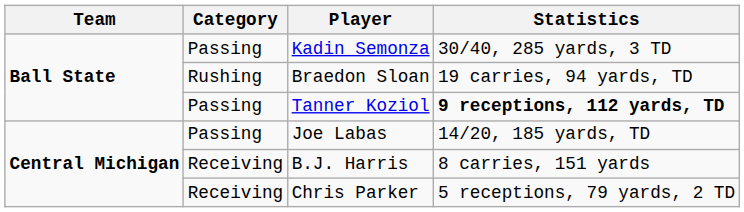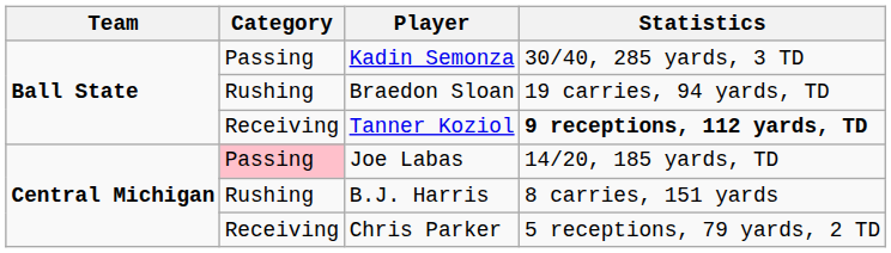 <table class="wikitable" style="float: right;">
 <tr>
 <th>Team</th>
 <th>Category</th>
 <th>Player</th>
 <th>Statistics</th>
 </tr>
 <tr>
 <td rowspan=3><strong>Ball State</strong></td>
 <td>Passing</td>
 <td><a href='#'>Kadin Semonza</a></td>
 <td>30/40, 285 yards, 3 TD</td>
 </tr>
 <tr>
 <td>Rushing</td>
 <td>Braedon Sloan</td>
 <td>19 carries, 94 yards, TD</td>
 </tr>
 <tr>
-<td>Passing</td>
+<td>Receiving</td>
 <td><a href='#'>Tanner Koziol</a></td>
 <td><strong>9 receptions, 112 yards, TD</strong></td>
 </tr>
 <tr>
 <td rowspan=3><strong>Central Michigan</strong></td>
-<td>Passing</td>
+<td style="background: pink;">Passing</td>
 <td>Joe Labas</td>
 <td>14/20, 185 yards, TD</td>
 </tr>
 <tr>
-<td>Receiving</td>
+<td>Rushing</td>
 <td>B.J. Harris</td>
 <td>8 carries, 151 yards</td>
 </tr>
 <tr>
 <td>Receiving</td>
 <td>Chris Parker</td>
 <td>5 receptions, 79 yards, 2 TD</td>
 </tr>
 </table>
